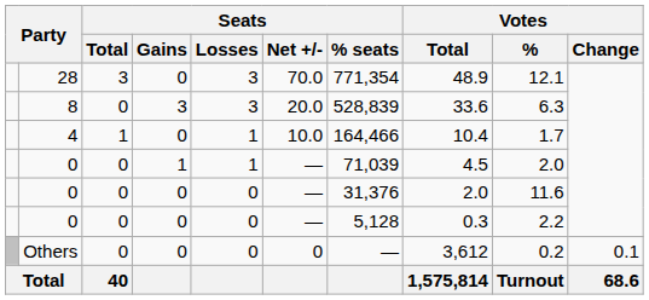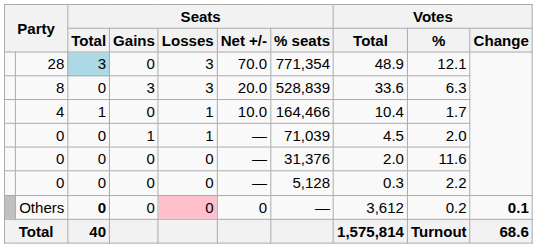 <table class="wikitable" style="text-align:right; font-size:95%;">
 <tr>
 <th colspan="2" rowspan="2">Party</th>
 <th colspan="5">Seats</th>
 <th colspan="3">Votes</th>
 </tr>
 <tr>
 <th>Total</th>
 <th>Gains</th>
 <th>Losses</th>
 <th>Net +/-</th>
 <th>% seats</th>
 <th>Total</th>
 <th>%</th>
 <th>Change</th>
 </tr>
 <tr>
 <td></td>
 <td>28</td>
-<td>3</td>
+<td style="background: lightblue;">3</td>
 <td>0</td>
 <td>3</td>
 <td>70.0</td>
 <td>771,354</td>
 <td>48.9</td>
 <td>12.1</td>
 </tr>
 <tr>
 <td></td>
 <td>8</td>
 <td>0</td>
 <td>3</td>
 <td>3</td>
 <td>20.0</td>
 <td>528,839</td>
 <td>33.6</td>
 <td>6.3</td>
 </tr>
 <tr>
 <td></td>
 <td>4</td>
 <td>1</td>
 <td>0</td>
 <td>1</td>
 <td>10.0</td>
 <td>164,466</td>
 <td>10.4</td>
 <td>1.7</td>
 </tr>
 <tr>
 <td></td>
 <td>0</td>
 <td>0</td>
 <td>1</td>
 <td>1</td>
 <td>—</td>
 <td>71,039</td>
 <td>4.5</td>
 <td>2.0</td>
 </tr>
 <tr>
 <td></td>
 <td>0</td>
 <td>0</td>
 <td>0</td>
 <td>0</td>
 <td>—</td>
 <td>31,376</td>
 <td>2.0</td>
 <td>11.6</td>
 </tr>
 <tr>
 <td></td>
 <td>0</td>
 <td>0</td>
 <td>0</td>
 <td>0</td>
 <td>—</td>
 <td>5,128</td>
 <td>0.3</td>
 <td>2.2</td>
 </tr>
 <tr>
 <td style="color:inherit;background:silver;"> </td>
 <td align=left>Others</td>
+<td><strong>0</strong></td>
 <td>0</td>
-<td>0</td>
-<td>0</td>
+<td style="background: pink;">0</td>
 <td>0</td>
 <td>—</td>
 <td>3,612</td>
 <td>0.2</td>
-<td>0.1</td>
+<td><strong>0.1</strong></td>
 </tr>
 <tr>
 <th colspan="2">Total</th>
 <th style="text-align: right;">40</th>
 <th style="text-align: right;"></th>
 <th style="text-align: right;"></th>
 <th></th>
 <th></th>
 <th style="text-align: right;">1,575,814</th>
 <th>Turnout</th>
 <th style="text-align: right;">68.6</th>
 </tr>
 </table>
